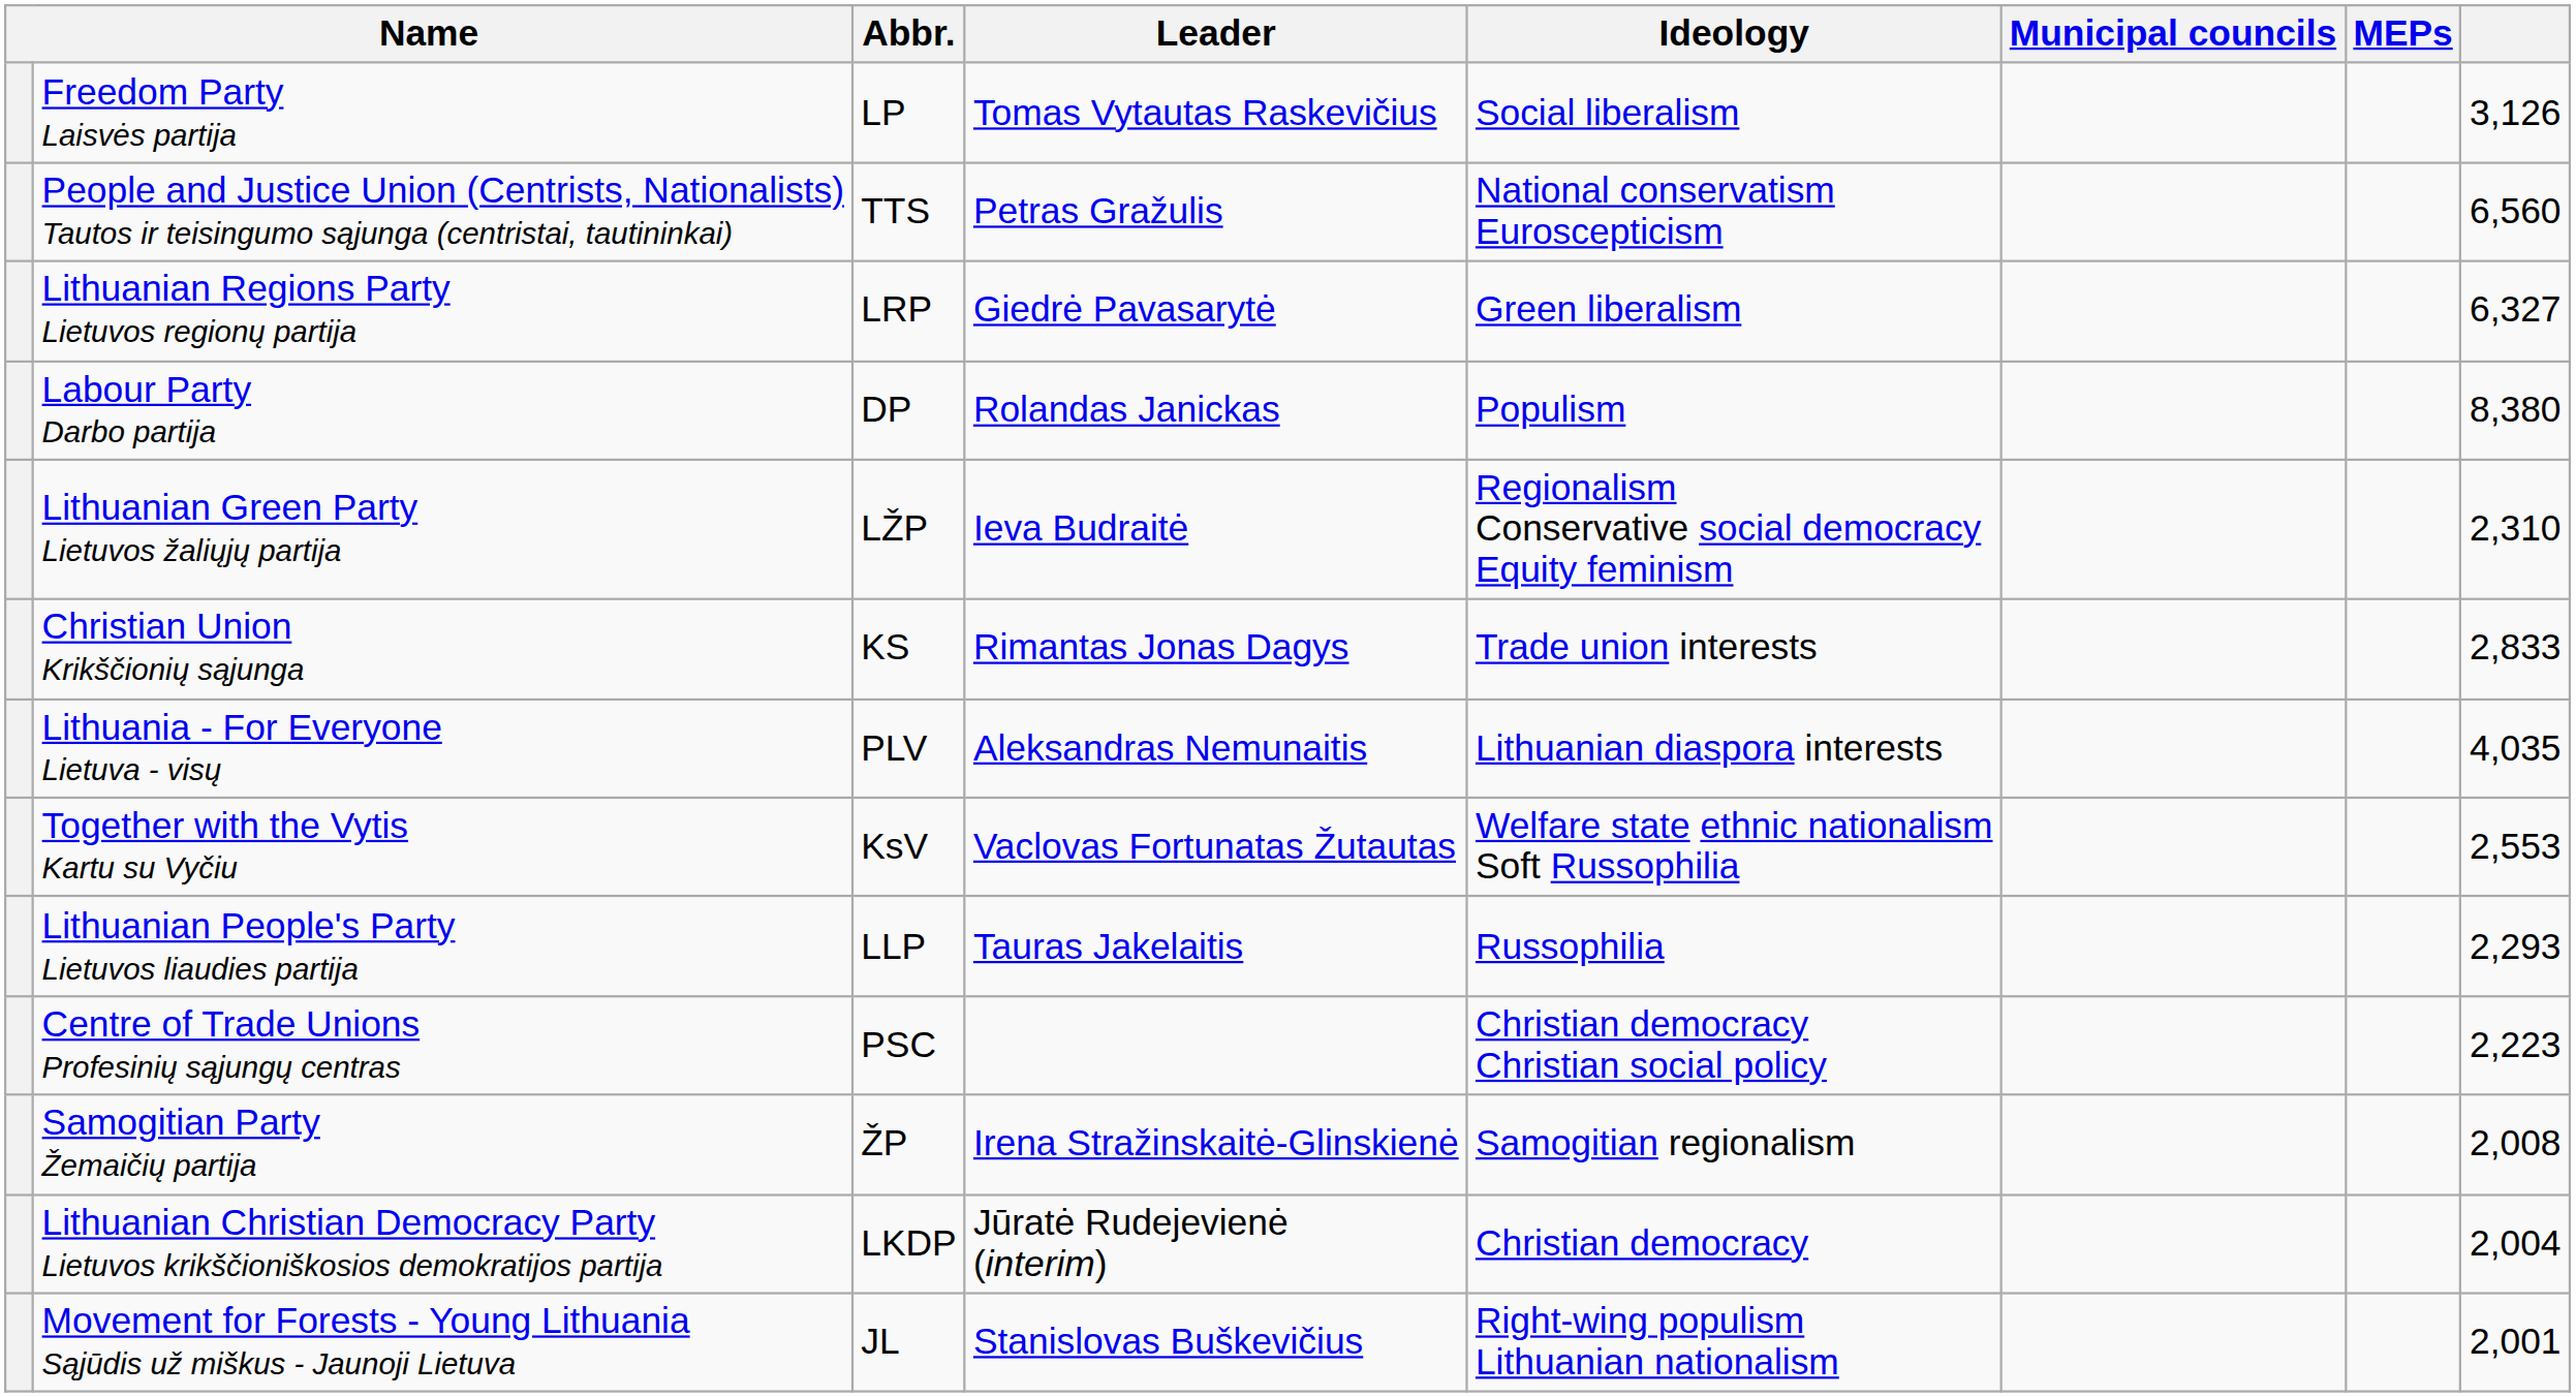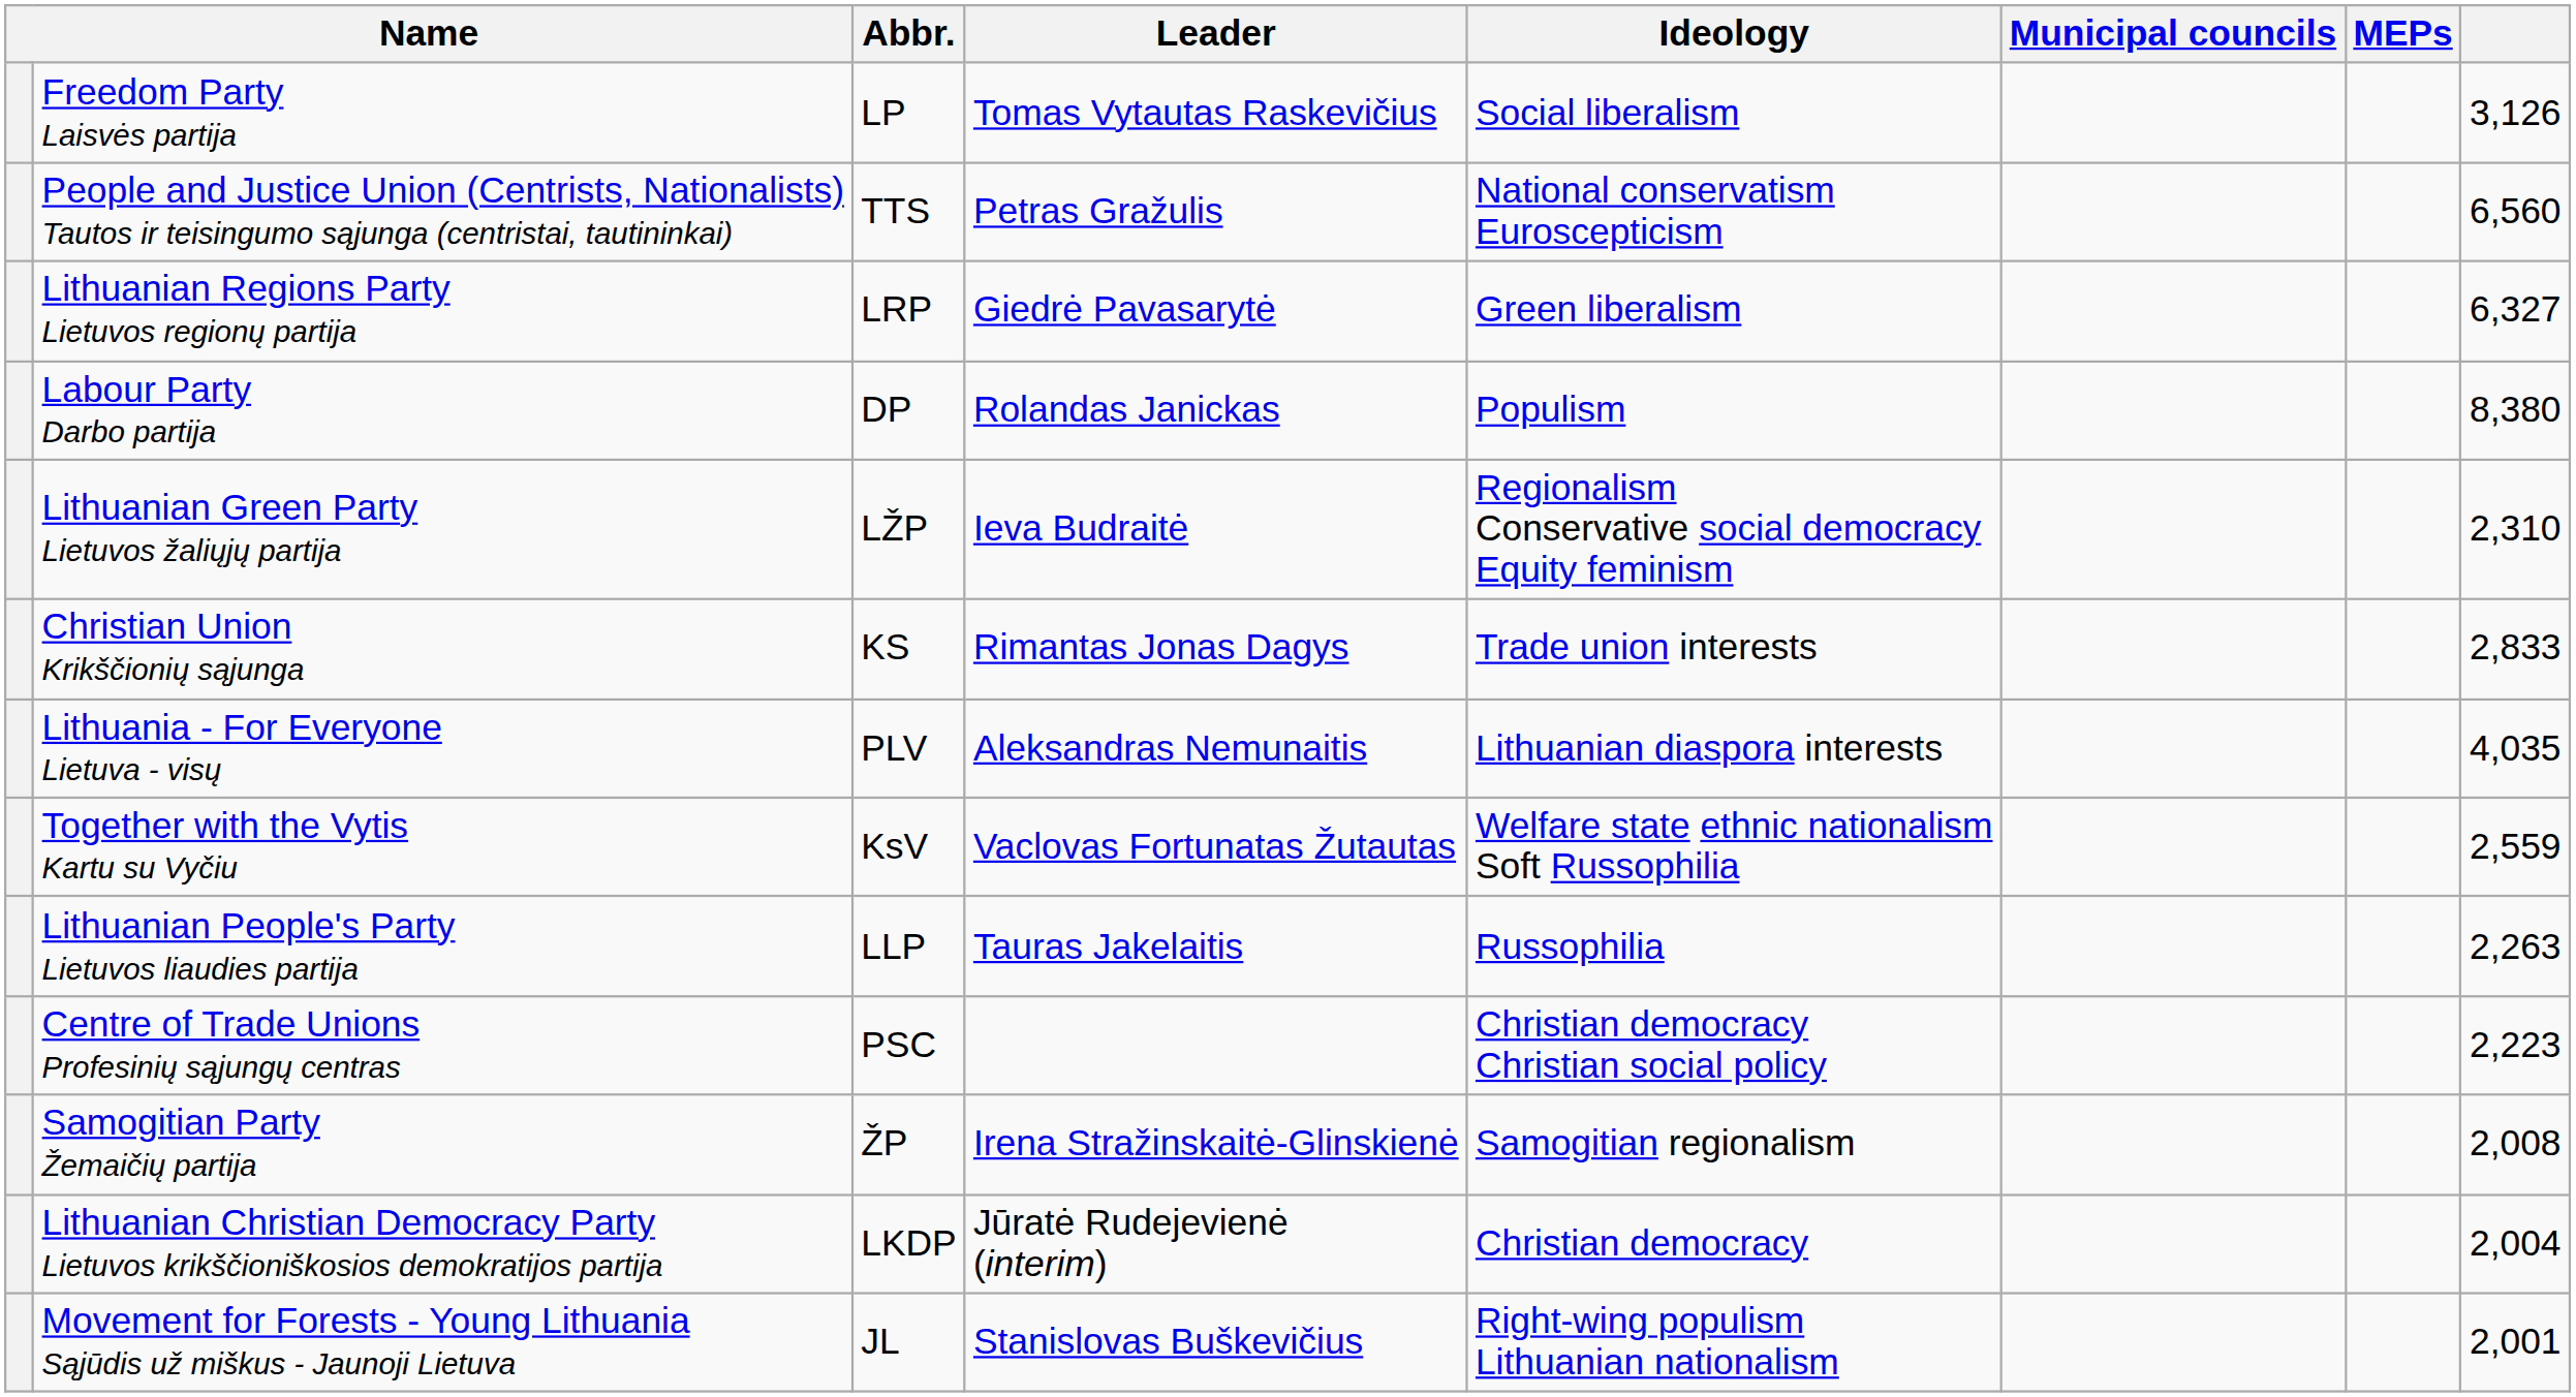 <table class="wikitable sortable">
 <tr>
 <th colspan=2>Name</th>
 <th>Abbr.</th>
 <th>Leader</th>
 <th>Ideology</th>
 <th><a href='#'>Municipal councils</a></th>
 <th><a href='#'>MEPs</a></th>
 <th></th>
 </tr>
 <tr>
 <th style="background-color: "></th>
 <td><a href='#'>Freedom Party</a>  <br><small><em>Laisvės partija</em></small></td>
 <td>LP</td>
 <td><a href='#'>Tomas Vytautas Raskevičius</a></td>
 <td><a href='#'>Social liberalism</a></td>
 <td></td>
 <td></td>
 <td> 3,126</td>
 </tr>
 <tr>
 <th width="5px" style="background-color: "></th>
 <td><a href='#'>People and Justice Union (Centrists, Nationalists)</a>  <br><small><em>Tautos ir teisingumo sąjunga (centristai, tautininkai)</em></small></td>
 <td>TTS</td>
 <td><a href='#'>Petras Gražulis</a></td>
 <td><a href='#'>National conservatism</a><br><a href='#'>Euroscepticism</a></td>
 <td></td>
 <td></td>
 <td> 6,560</td>
 </tr>
 <tr>
 <th style="background-color: "></th>
 <td><a href='#'>Lithuanian Regions Party</a>  <br><small><em>Lietuvos regionų partija</em></small></td>
 <td>LRP</td>
 <td><a href='#'>Giedrė Pavasarytė</a></td>
 <td><a href='#'>Green liberalism</a></td>
 <td></td>
 <td></td>
 <td> 6,327</td>
 </tr>
 <tr>
 <th style="background-color: "></th>
 <td><a href='#'>Labour Party</a>  <br><small><em>Darbo partija</em></small></td>
 <td>DP</td>
 <td><a href='#'>Rolandas Janickas</a></td>
 <td><a href='#'>Populism</a></td>
 <td></td>
 <td></td>
 <td> 8,380</td>
 </tr>
 <tr>
 <th width="5px" style="background-color: "></th>
 <td><a href='#'>Lithuanian Green Party</a> <br><small><em>Lietuvos žaliųjų partija</em></small></td>
 <td>LŽP</td>
 <td><a href='#'>Ieva Budraitė</a></td>
 <td><a href='#'>Regionalism</a><br>Conservative <a href='#'>social democracy</a><br><a href='#'>Equity feminism</a></td>
 <td></td>
 <td></td>
 <td> 2,310</td>
 </tr>
 <tr>
 <th width="5px" style="background-color: "></th>
 <td><a href='#'>Christian Union</a> <br><small><em>Krikščionių sąjunga</em></small></td>
 <td>KS</td>
 <td><a href='#'>Rimantas Jonas Dagys</a></td>
 <td><a href='#'>Trade union</a> interests</td>
 <td></td>
 <td></td>
 <td> 2,833</td>
 </tr>
 <tr>
 <th width="5px" style="background-color: "></th>
 <td><a href='#'>Lithuania - For Everyone</a> <br><small><em>Lietuva - visų</em></small></td>
 <td>PLV</td>
 <td><a href='#'>Aleksandras Nemunaitis</a></td>
 <td><a href='#'>Lithuanian diaspora</a> interests</td>
 <td></td>
 <td></td>
 <td> 4,035</td>
 </tr>
 <tr>
 <th width="5px" style="background-color: "></th>
 <td><a href='#'>Together with the Vytis</a> <br><small><em>Kartu su Vyčiu</em></small></td>
 <td>KsV</td>
 <td><a href='#'>Vaclovas Fortunatas Žutautas</a></td>
 <td><a href='#'>Welfare state</a> <a href='#'>ethnic nationalism</a><br>Soft <a href='#'>Russophilia</a></td>
 <td></td>
 <td></td>
-<td> 2,553</td>
+<td> 2,559</td>
 </tr>
 <tr>
 <th width="5px" style="background-color: "></th>
 <td><a href='#'>Lithuanian People's Party</a> <br><small><em>Lietuvos liaudies partija</em></small></td>
 <td>LLP</td>
 <td><a href='#'>Tauras Jakelaitis</a></td>
 <td><a href='#'>Russophilia</a></td>
 <td></td>
 <td></td>
-<td> 2,293</td>
+<td> 2,263</td>
 </tr>
 <tr>
 <th width="5px" style="background-color: "></th>
 <td><a href='#'>Centre of Trade Unions</a> <br><small><em>Profesinių sąjungų centras</em></small></td>
 <td>PSC</td>
 <td></td>
 <td><a href='#'>Christian democracy</a><br><a href='#'>Christian social policy</a></td>
 <td></td>
 <td></td>
 <td> 2,223</td>
 </tr>
 <tr>
 <th width="5px" style="background-color: "></th>
 <td><a href='#'>Samogitian Party</a> <br><small><em>Žemaičių partija</em></small></td>
 <td>ŽP</td>
 <td><a href='#'>Irena Stražinskaitė-Glinskienė</a></td>
 <td><a href='#'>Samogitian</a> regionalism</td>
 <td></td>
 <td></td>
 <td> 2,008</td>
 </tr>
 <tr>
 <th style="background-color: "></th>
 <td><a href='#'>Lithuanian Christian Democracy Party</a>  <br><small><em>Lietuvos krikščioniškosios demokratijos partija</em></small></td>
 <td>LKDP</td>
 <td>Jūratė Rudejevienė<br>(<em>interim</em>)</td>
 <td><a href='#'>Christian democracy</a></td>
 <td></td>
 <td></td>
 <td> 2,004</td>
 </tr>
 <tr>
 <th width="5px" style="background-color: "></th>
 <td><a href='#'>Movement for Forests - Young Lithuania</a> <br><small><em>Sąjūdis už miškus - Jaunoji Lietuva</em></small></td>
 <td>JL</td>
 <td><a href='#'>Stanislovas Buškevičius</a></td>
 <td><a href='#'>Right-wing populism</a><br><a href='#'>Lithuanian nationalism</a></td>
 <td></td>
 <td></td>
 <td> 2,001</td>
 </tr>
 </table>
